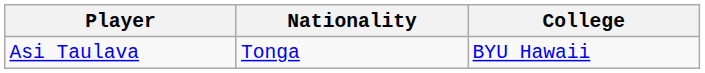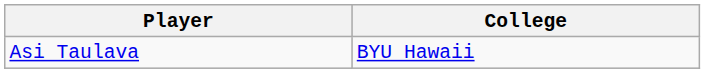 <table class="wikitable sortable sortable">
 <tr>
 <th width="20%">Player</th>
-<th width="20%">Nationality</th>
 <th width="20%">College</th>
 </tr>
 <tr>
 <td><a href='#'>Asi Taulava</a></td>
-<td><a href='#'>Tonga</a></td>
 <td><a href='#'>BYU Hawaii</a></td>
 </tr>
 </table>
